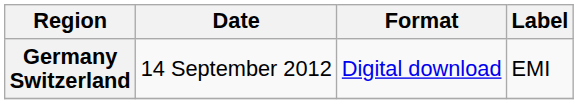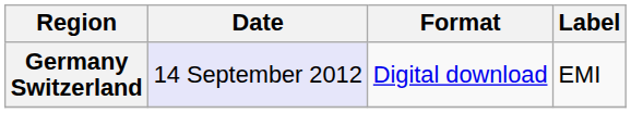 <table class="wikitable plainrowheaders">
 <tr>
 <th scope="col">Region</th>
 <th scope="col">Date</th>
 <th scope="col">Format</th>
 <th scope="col">Label</th>
 </tr>
 <tr>
 <th scope="row">Germany <br> Switzerland</th>
-<td>14 September 2012</td>
+<td style="background: lavender;">14 September 2012</td>
 <td><a href='#'>Digital download</a></td>
 <td>EMI</td>
 </tr>
 <tr>
 </tr>
 </table>
